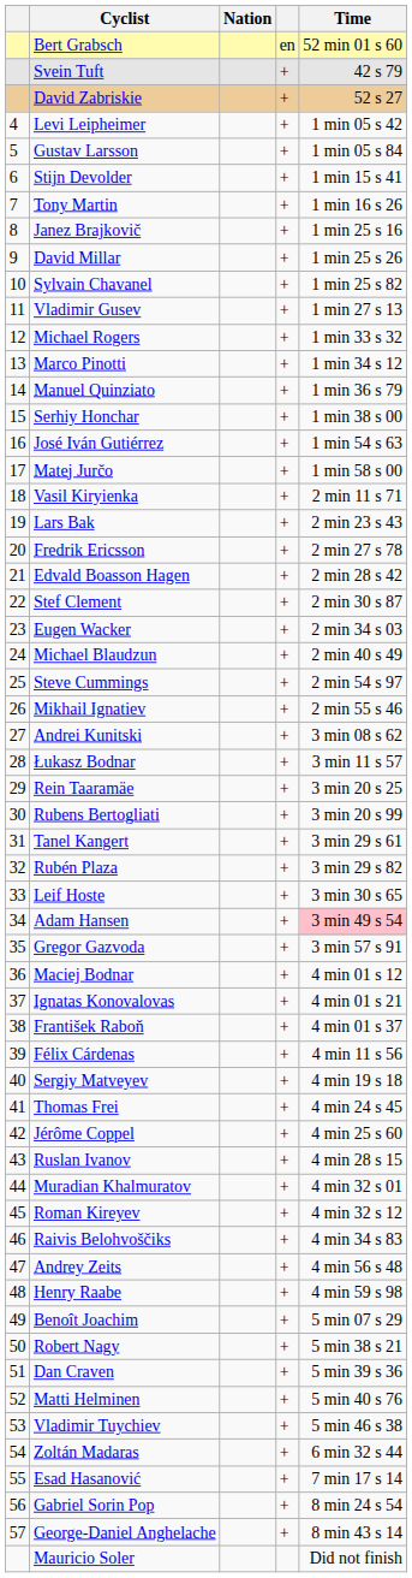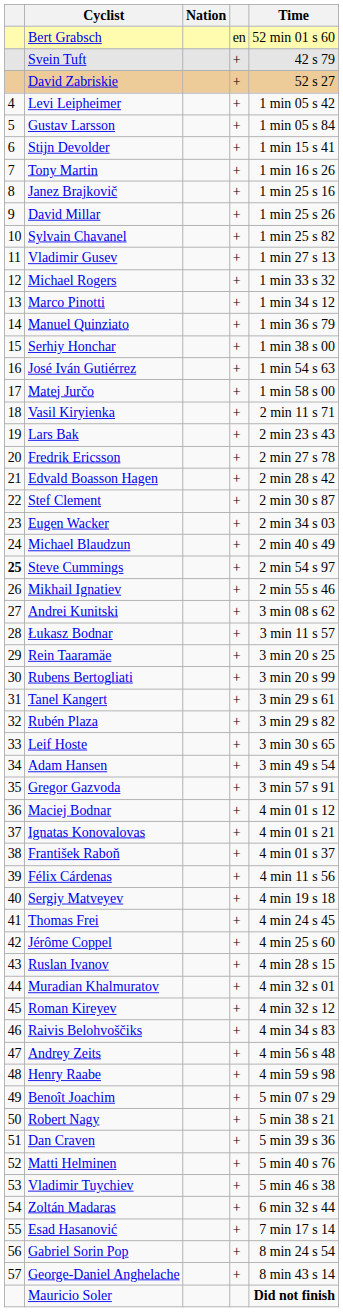 <table class="wikitable">
 <tr>
 <th scope=col></th>
 <th scope=col>Cyclist</th>
 <th scope=col>Nation</th>
 <th scope=col></th>
 <th scope=col>Time</th>
 </tr>
 <tr bgcolor=fffcaf>
 <td></td>
 <td><a href='#'>Bert Grabsch</a></td>
 <td></td>
 <td>en</td>
 <td>52 min 01 s 60</td>
 </tr>
 <tr bgcolor=e5e5e5>
 <td></td>
 <td><a href='#'>Svein Tuft</a></td>
 <td></td>
 <td>+</td>
 <td align=right>42 s 79</td>
 </tr>
 <tr bgcolor=eecc99>
 <td></td>
 <td><a href='#'>David Zabriskie</a></td>
 <td></td>
 <td>+</td>
 <td align=right>52 s 27</td>
 </tr>
 <tr>
 <td>4</td>
 <td><a href='#'>Levi Leipheimer</a></td>
 <td></td>
 <td>+</td>
 <td align=right>1 min 05 s 42</td>
 </tr>
 <tr>
 <td>5</td>
 <td><a href='#'>Gustav Larsson</a></td>
 <td></td>
 <td>+</td>
 <td align=right>1 min 05 s 84</td>
 </tr>
 <tr>
 <td>6</td>
 <td><a href='#'>Stijn Devolder</a></td>
 <td></td>
 <td>+</td>
 <td align=right>1 min 15 s 41</td>
 </tr>
 <tr>
 <td>7</td>
 <td><a href='#'>Tony Martin</a></td>
 <td></td>
 <td>+</td>
 <td align=right>1 min 16 s 26</td>
 </tr>
 <tr>
 <td>8</td>
 <td><a href='#'>Janez Brajkovič</a></td>
 <td></td>
 <td>+</td>
 <td align=right>1 min 25 s 16</td>
 </tr>
 <tr>
 <td>9</td>
 <td><a href='#'>David Millar</a></td>
 <td></td>
 <td>+</td>
 <td align=right>1 min 25 s 26</td>
 </tr>
 <tr>
 <td>10</td>
 <td><a href='#'>Sylvain Chavanel</a></td>
 <td></td>
 <td>+</td>
 <td align=right>1 min 25 s 82</td>
 </tr>
 <tr>
 <td>11</td>
 <td><a href='#'>Vladimir Gusev</a></td>
 <td></td>
 <td>+</td>
 <td align=right>1 min 27 s 13</td>
 </tr>
 <tr>
 <td>12</td>
 <td><a href='#'>Michael Rogers</a></td>
 <td></td>
 <td>+</td>
 <td align=right>1 min 33 s 32</td>
 </tr>
 <tr>
 <td>13</td>
 <td><a href='#'>Marco Pinotti</a></td>
 <td></td>
 <td>+</td>
 <td align=right>1 min 34 s 12</td>
 </tr>
 <tr>
 <td>14</td>
 <td><a href='#'>Manuel Quinziato</a></td>
 <td></td>
 <td>+</td>
 <td align=right>1 min 36 s 79</td>
 </tr>
 <tr>
 <td>15</td>
 <td><a href='#'>Serhiy Honchar</a></td>
 <td></td>
 <td>+</td>
 <td align=right>1 min 38 s 00</td>
 </tr>
 <tr>
 <td>16</td>
 <td><a href='#'>José Iván Gutiérrez</a></td>
 <td></td>
 <td>+</td>
 <td align=right>1 min 54 s 63</td>
 </tr>
 <tr>
 <td>17</td>
 <td><a href='#'>Matej Jurčo</a></td>
 <td></td>
 <td>+</td>
 <td align=right>1 min 58 s 00</td>
 </tr>
 <tr>
 <td>18</td>
 <td><a href='#'>Vasil Kiryienka</a></td>
 <td></td>
 <td>+</td>
 <td align=right>2 min 11 s 71</td>
 </tr>
 <tr>
 <td>19</td>
 <td><a href='#'>Lars Bak</a></td>
 <td></td>
 <td>+</td>
 <td align=right>2 min 23 s 43</td>
 </tr>
 <tr>
 <td>20</td>
 <td><a href='#'>Fredrik Ericsson</a></td>
 <td></td>
 <td>+</td>
 <td align=right>2 min 27 s 78</td>
 </tr>
 <tr>
 <td>21</td>
 <td><a href='#'>Edvald Boasson Hagen</a></td>
 <td></td>
 <td>+</td>
 <td align=right>2 min 28 s 42</td>
 </tr>
 <tr>
 <td>22</td>
 <td><a href='#'>Stef Clement</a></td>
 <td></td>
 <td>+</td>
 <td align=right>2 min 30 s 87</td>
 </tr>
 <tr>
 <td>23</td>
 <td><a href='#'>Eugen Wacker</a></td>
 <td></td>
 <td>+</td>
 <td align=right>2 min 34 s 03</td>
 </tr>
 <tr>
 <td>24</td>
 <td><a href='#'>Michael Blaudzun</a></td>
 <td></td>
 <td>+</td>
 <td align=right>2 min 40 s 49</td>
 </tr>
 <tr>
-<td>25</td>
+<td><strong>25</strong></td>
 <td><a href='#'>Steve Cummings</a></td>
 <td></td>
 <td>+</td>
 <td align=right>2 min 54 s 97</td>
 </tr>
 <tr>
 <td>26</td>
 <td><a href='#'>Mikhail Ignatiev</a></td>
 <td></td>
 <td>+</td>
 <td align=right>2 min 55 s 46</td>
 </tr>
 <tr>
 <td>27</td>
 <td><a href='#'>Andrei Kunitski</a></td>
 <td></td>
 <td>+</td>
 <td align=right>3 min 08 s 62</td>
 </tr>
 <tr>
 <td>28</td>
 <td><a href='#'>Łukasz Bodnar</a></td>
 <td></td>
 <td>+</td>
 <td align=right>3 min 11 s 57</td>
 </tr>
 <tr>
 <td>29</td>
 <td><a href='#'>Rein Taaramäe</a></td>
 <td></td>
 <td>+</td>
 <td align=right>3 min 20 s 25</td>
 </tr>
 <tr>
 <td>30</td>
 <td><a href='#'>Rubens Bertogliati</a></td>
 <td></td>
 <td>+</td>
 <td align=right>3 min 20 s 99</td>
 </tr>
 <tr>
 <td>31</td>
 <td><a href='#'>Tanel Kangert</a></td>
 <td></td>
 <td>+</td>
 <td align=right>3 min 29 s 61</td>
 </tr>
 <tr>
 <td>32</td>
 <td><a href='#'>Rubén Plaza</a></td>
 <td></td>
 <td>+</td>
 <td align=right>3 min 29 s 82</td>
 </tr>
 <tr>
 <td>33</td>
 <td><a href='#'>Leif Hoste</a></td>
 <td></td>
 <td>+</td>
 <td align=right>3 min 30 s 65</td>
 </tr>
 <tr>
 <td>34</td>
 <td><a href='#'>Adam Hansen</a></td>
 <td></td>
 <td>+</td>
-<td align=right style="background: pink;">3 min 49 s 54</td>
+<td align=right>3 min 49 s 54</td>
 </tr>
 <tr>
 <td>35</td>
 <td><a href='#'>Gregor Gazvoda</a></td>
 <td></td>
 <td>+</td>
 <td align=right>3 min 57 s 91</td>
 </tr>
 <tr>
 <td>36</td>
 <td><a href='#'>Maciej Bodnar</a></td>
 <td></td>
 <td>+</td>
 <td align=right>4 min 01 s 12</td>
 </tr>
 <tr>
 <td>37</td>
 <td><a href='#'>Ignatas Konovalovas</a></td>
 <td></td>
 <td>+</td>
 <td align=right>4 min 01 s 21</td>
 </tr>
 <tr>
 <td>38</td>
 <td><a href='#'>František Raboň</a></td>
 <td></td>
 <td>+</td>
 <td align=right>4 min 01 s 37</td>
 </tr>
 <tr>
 <td>39</td>
 <td><a href='#'>Félix Cárdenas</a></td>
 <td></td>
 <td>+</td>
 <td align=right>4 min 11 s 56</td>
 </tr>
 <tr>
 <td>40</td>
 <td><a href='#'>Sergiy Matveyev</a></td>
 <td></td>
 <td>+</td>
 <td align=right>4 min 19 s 18</td>
 </tr>
 <tr>
 <td>41</td>
 <td><a href='#'>Thomas Frei</a></td>
 <td></td>
 <td>+</td>
 <td align=right>4 min 24 s 45</td>
 </tr>
 <tr>
 <td>42</td>
 <td><a href='#'>Jérôme Coppel</a></td>
 <td></td>
 <td>+</td>
 <td align=right>4 min 25 s 60</td>
 </tr>
 <tr>
 <td>43</td>
 <td><a href='#'>Ruslan Ivanov</a></td>
 <td></td>
 <td>+</td>
 <td align=right>4 min 28 s 15</td>
 </tr>
 <tr>
 <td>44</td>
 <td><a href='#'>Muradian Khalmuratov</a></td>
 <td></td>
 <td>+</td>
 <td align=right>4 min 32 s 01</td>
 </tr>
 <tr>
 <td>45</td>
 <td><a href='#'>Roman Kireyev</a></td>
 <td></td>
 <td>+</td>
 <td align=right>4 min 32 s 12</td>
 </tr>
 <tr>
 <td>46</td>
 <td><a href='#'>Raivis Belohvoščiks</a></td>
 <td></td>
 <td>+</td>
 <td align=right>4 min 34 s 83</td>
 </tr>
 <tr>
 <td>47</td>
 <td><a href='#'>Andrey Zeits</a></td>
 <td></td>
 <td>+</td>
 <td align=right>4 min 56 s 48</td>
 </tr>
 <tr>
 <td>48</td>
 <td><a href='#'>Henry Raabe</a></td>
 <td></td>
 <td>+</td>
 <td align=right>4 min 59 s 98</td>
 </tr>
 <tr>
 <td>49</td>
 <td><a href='#'>Benoît Joachim</a></td>
 <td></td>
 <td>+</td>
 <td align=right>5 min 07 s 29</td>
 </tr>
 <tr>
 <td>50</td>
 <td><a href='#'>Robert Nagy</a></td>
 <td></td>
 <td>+</td>
 <td align=right>5 min 38 s 21</td>
 </tr>
 <tr>
 <td>51</td>
 <td><a href='#'>Dan Craven</a></td>
 <td></td>
 <td>+</td>
 <td align=right>5 min 39 s 36</td>
 </tr>
 <tr>
 <td>52</td>
 <td><a href='#'>Matti Helminen</a></td>
 <td></td>
 <td>+</td>
 <td align=right>5 min 40 s 76</td>
 </tr>
 <tr>
 <td>53</td>
 <td><a href='#'>Vladimir Tuychiev</a></td>
 <td></td>
 <td>+</td>
 <td align=right>5 min 46 s 38</td>
 </tr>
 <tr>
 <td>54</td>
 <td><a href='#'>Zoltán Madaras</a></td>
 <td></td>
 <td>+</td>
 <td align=right>6 min 32 s 44</td>
 </tr>
 <tr>
 <td>55</td>
 <td><a href='#'>Esad Hasanović</a></td>
 <td></td>
 <td>+</td>
 <td align=right>7 min 17 s 14</td>
 </tr>
 <tr>
 <td>56</td>
 <td><a href='#'>Gabriel Sorin Pop</a></td>
 <td></td>
 <td>+</td>
 <td align=right>8 min 24 s 54</td>
 </tr>
 <tr>
 <td>57</td>
 <td><a href='#'>George-Daniel Anghelache</a></td>
 <td></td>
 <td>+</td>
 <td align=right>8 min 43 s 14</td>
 </tr>
 <tr>
 <td></td>
 <td><a href='#'>Mauricio Soler</a></td>
 <td></td>
 <td></td>
-<td align=right>Did not finish</td>
+<td align=right><strong>Did not finish</strong></td>
 </tr>
 </table>
